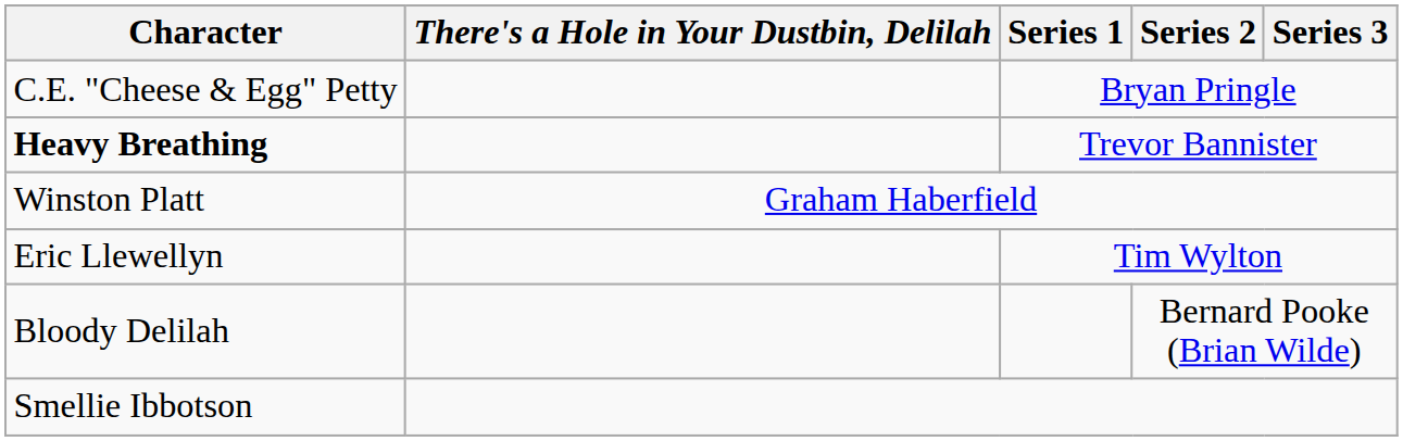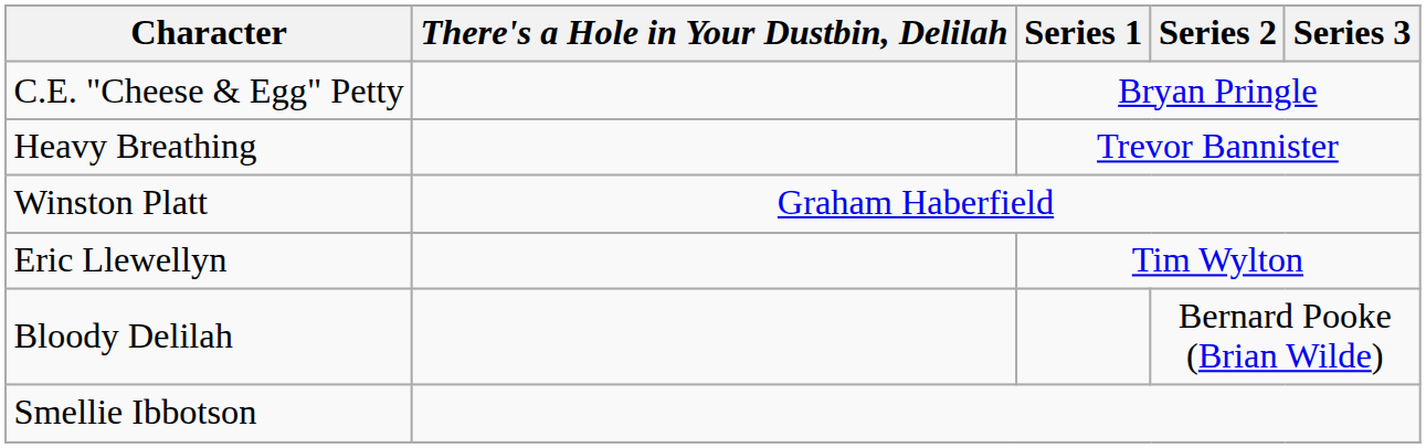 <table class="wikitable">
 <tr>
 <th>Character</th>
 <th><em>There's a Hole in Your Dustbin, Delilah</em></th>
 <th><strong>Series 1</strong></th>
 <th><strong>Series 2</strong></th>
 <th><strong>Series 3</strong></th>
 </tr>
 <tr>
 <td>C.E. "Cheese & Egg" Petty</td>
 <td></td>
 <td colspan="3" style="text-align:center;"><a href='#'>Bryan Pringle</a></td>
 </tr>
 <tr>
-<td><strong>Heavy Breathing</strong></td>
+<td>Heavy Breathing</td>
 <td></td>
 <td colspan="3" style="text-align:center;"><a href='#'>Trevor Bannister</a></td>
 </tr>
 <tr>
 <td>Winston Platt</td>
 <td colspan="4" style="text-align:center;"><a href='#'>Graham Haberfield</a></td>
 </tr>
 <tr>
 <td>Eric Llewellyn</td>
 <td></td>
 <td colspan="3" style="text-align:center;"><a href='#'>Tim Wylton</a></td>
 </tr>
 <tr>
 <td>Bloody Delilah</td>
 <td></td>
 <td></td>
 <td colspan="2" style="text-align:center;">Bernard Pooke<br>(<a href='#'>Brian Wilde</a>)</td>
 </tr>
 <tr>
 <td>Smellie Ibbotson</td>
 <td colspan="4"></td>
 </tr>
 </table>
